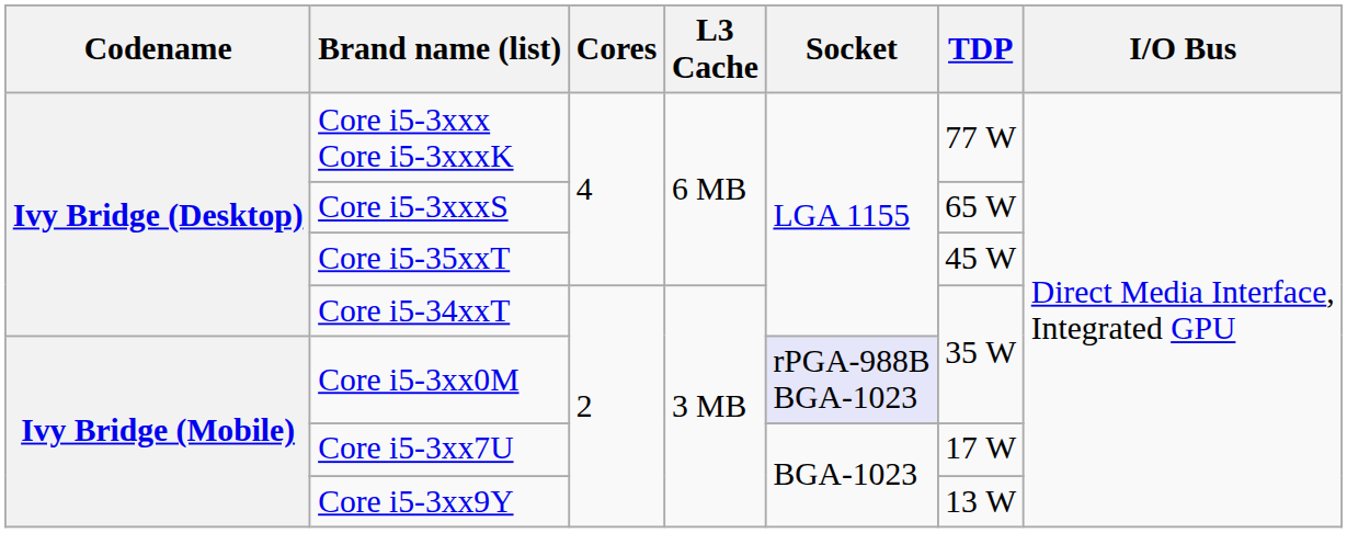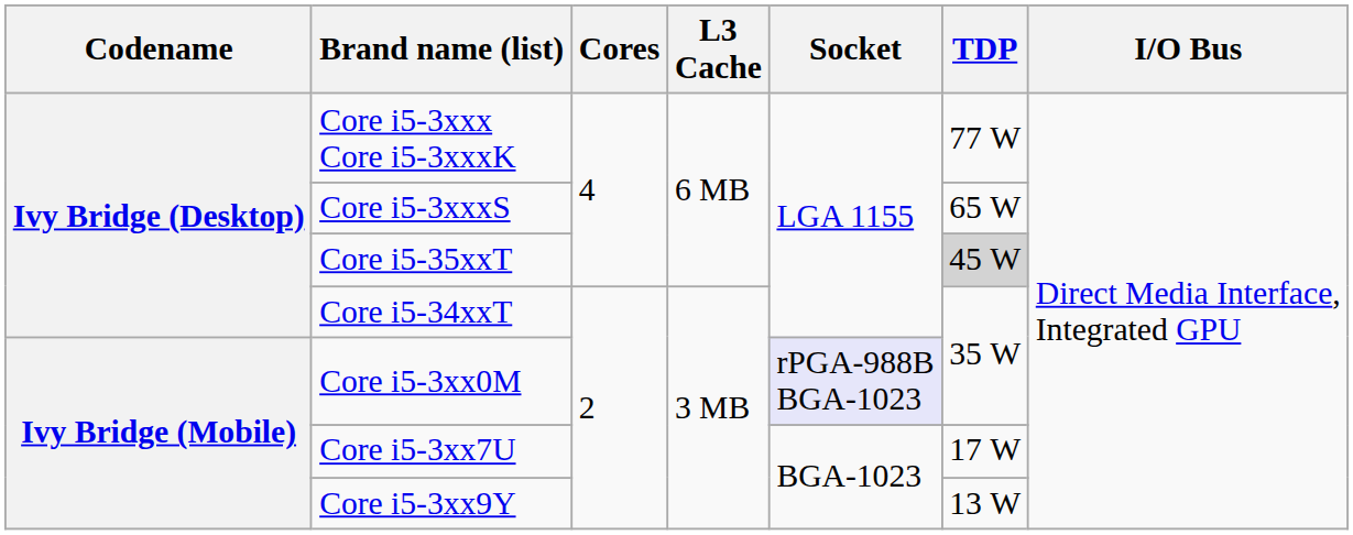 <table class="wikitable">
 <tr>
 <th>Codename</th>
 <th>Brand name (list)</th>
 <th>Cores</th>
 <th>L3<br>Cache</th>
 <th>Socket</th>
 <th><a href='#'>TDP</a></th>
 <th>I/O Bus</th>
 </tr>
 <tr>
 <th rowspan="4"><a href='#'>Ivy Bridge (Desktop)</a></th>
 <td><a href='#'>Core i5-3xxx<br>Core i5-3xxxK</a></td>
 <td rowspan="3">4</td>
 <td rowspan="3">6 MB</td>
 <td rowspan="4"><a href='#'>LGA 1155</a></td>
 <td>77 W</td>
 <td rowspan="7"><a href='#'>Direct Media Interface</a>,<br>Integrated <a href='#'>GPU</a></td>
 </tr>
 <tr>
 <td><a href='#'>Core i5-3xxxS</a></td>
 <td>65 W</td>
 </tr>
 <tr>
 <td><a href='#'>Core i5-35xxT</a></td>
-<td>45 W</td>
+<td style="background: lightgrey;">45 W</td>
 </tr>
 <tr>
 <td><a href='#'>Core i5-34xxT</a></td>
 <td rowspan="4">2</td>
 <td rowspan="4">3 MB</td>
 <td rowspan="2">35 W</td>
 </tr>
 <tr>
 <th rowspan="3"><a href='#'>Ivy Bridge (Mobile)</a></th>
 <td><a href='#'>Core i5-3xx0M</a></td>
 <td style="background: lavender;">rPGA-988B<br>BGA-1023</td>
 </tr>
 <tr>
 <td><a href='#'>Core i5-3xx7U</a></td>
 <td rowspan="2">BGA-1023</td>
 <td>17 W</td>
 </tr>
 <tr>
 <td><a href='#'>Core i5-3xx9Y</a></td>
 <td>13 W</td>
 </tr>
 </table>
